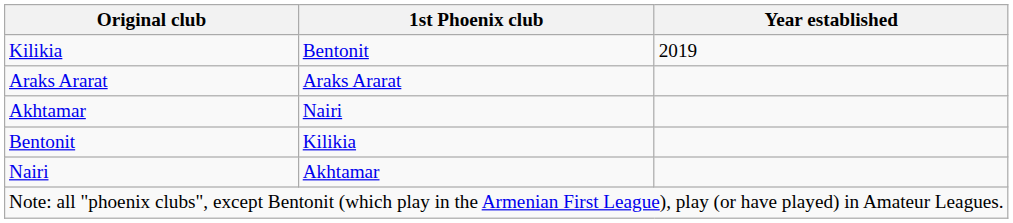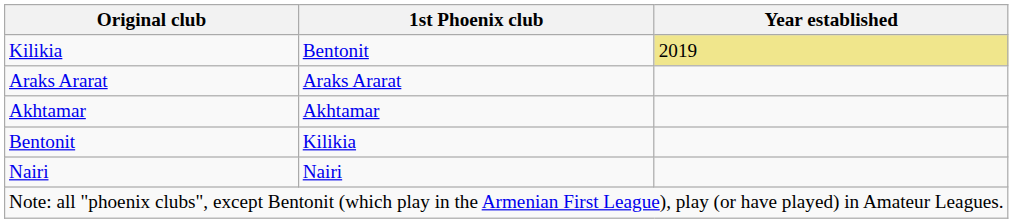 <table class="wikitable">
 <tr>
 <th>Original club</th>
 <th>1st Phoenix club</th>
 <th>Year established</th>
 </tr>
 <tr>
 <td><a href='#'>Kilikia</a></td>
 <td><a href='#'>Bentonit</a></td>
-<td>2019</td>
+<td style="background: khaki;">2019</td>
 </tr>
 <tr>
 <td><a href='#'>Araks Ararat</a></td>
 <td><a href='#'>Araks Ararat</a></td>
 <td></td>
 </tr>
 <tr>
 <td><a href='#'>Akhtamar</a></td>
-<td><a href='#'>Nairi</a></td>
+<td><a href='#'>Akhtamar</a></td>
 <td></td>
 </tr>
 <tr>
 <td><a href='#'>Bentonit</a></td>
 <td><a href='#'>Kilikia</a></td>
 <td></td>
 </tr>
 <tr>
 <td><a href='#'>Nairi</a></td>
-<td><a href='#'>Akhtamar</a></td>
+<td><a href='#'>Nairi</a></td>
 <td></td>
 </tr>
 <tr>
 <td colspan=3>Note: all "phoenix clubs", except Bentonit (which play in the <a href='#'>Armenian First League</a>), play (or have played) in Amateur Leagues.</td>
 </tr>
 </table>
